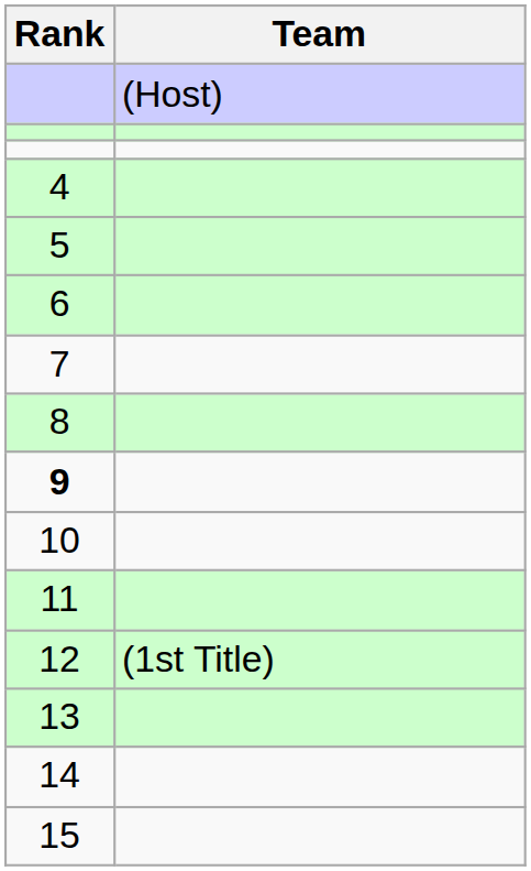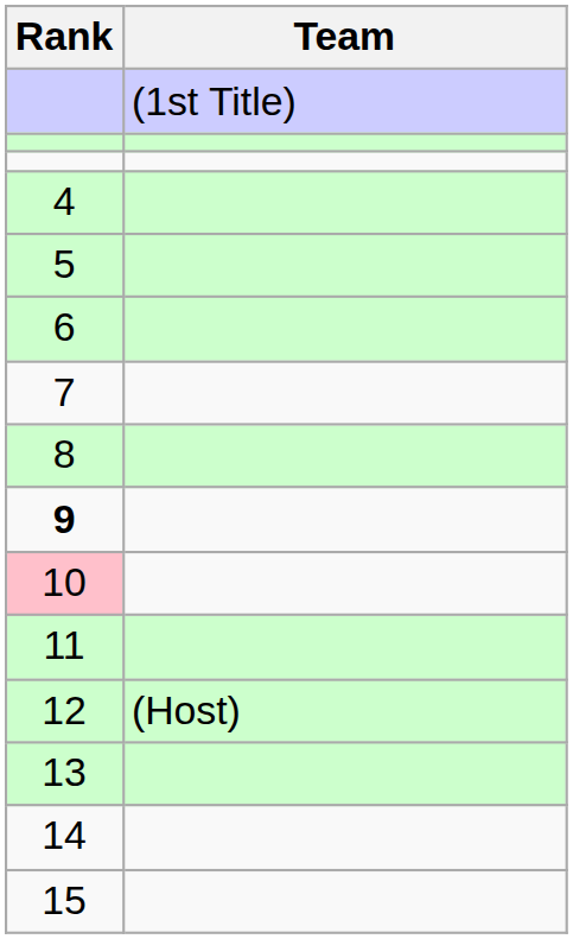 <table class="wikitable">
 <tr>
 <th>Rank</th>
 <th width=170>Team</th>
 </tr>
 <tr bgcolor=ccccff>
 <td align=center></td>
-<td> (Host)</td>
+<td> (1st Title)</td>
 </tr>
 <tr bgcolor=#ccffcc>
 <td align=center></td>
 <td></td>
 </tr>
 <tr bgcolor=>
 <td align=center></td>
 <td></td>
 </tr>
 <tr bgcolor=#ccffcc>
 <td align=center>4</td>
 <td></td>
 </tr>
 <tr bgcolor=#ccffcc>
 <td align=center>5</td>
 <td></td>
 </tr>
 <tr bgcolor=#ccffcc>
 <td align=center>6</td>
 <td></td>
 </tr>
 <tr>
 <td align=center>7</td>
 <td></td>
 </tr>
 <tr bgcolor=#ccffcc>
 <td align=center>8</td>
 <td></td>
 </tr>
 <tr>
 <td align=center><strong>9</strong></td>
 <td></td>
 </tr>
 <tr>
-<td align=center>10</td>
+<td align=center style="background: pink;">10</td>
 <td></td>
 </tr>
 <tr bgcolor=#ccffcc>
 <td align=center>11</td>
 <td></td>
 </tr>
 <tr bgcolor=#ccffcc>
 <td align=center>12</td>
-<td> (1st Title)</td>
+<td> (Host)</td>
 </tr>
 <tr bgcolor=#ccffcc>
 <td align=center>13</td>
 <td></td>
 </tr>
 <tr>
 <td align=center>14</td>
 <td></td>
 </tr>
 <tr>
 <td align=center>15</td>
 <td></td>
 </tr>
 </table>
